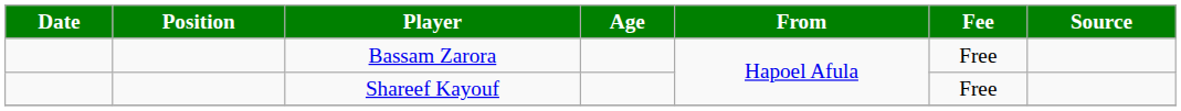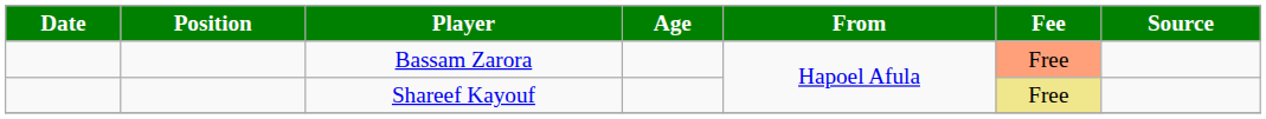 <table class="wikitable sortable" style="text-align:center; width:100%;">
 <tr>
 <th scope="col" style="background:#008000; color:white;">Date</th>
 <th scope="col" style="background:#008000; color:white;">Position</th>
 <th scope="col" style="background:#008000; color:white;">Player</th>
 <th scope="col" style="background:#008000; color:white;">Age</th>
 <th scope="col" style="background:#008000; color:white;">From</th>
 <th scope="col" style="background:#008000; color:white;" data-sort-type="currency">Fee</th>
 <th scope="col" style="background:#008000; color:white;" class="unsortable">Source</th>
 </tr>
 <tr>
 <td></td>
 <td></td>
 <td> <a href='#'>Bassam Zarora</a></td>
 <td></td>
 <td rowspan="2"> <a href='#'>Hapoel Afula</a></td>
-<td>Free</td>
+<td style="background: lightsalmon;">Free</td>
 <td></td>
 </tr>
 <tr>
 <td></td>
 <td></td>
 <td> <a href='#'>Shareef Kayouf</a></td>
 <td></td>
-<td>Free</td>
+<td style="background: khaki;">Free</td>
 <td></td>
 </tr>
 <tr>
 </tr>
 </table>
